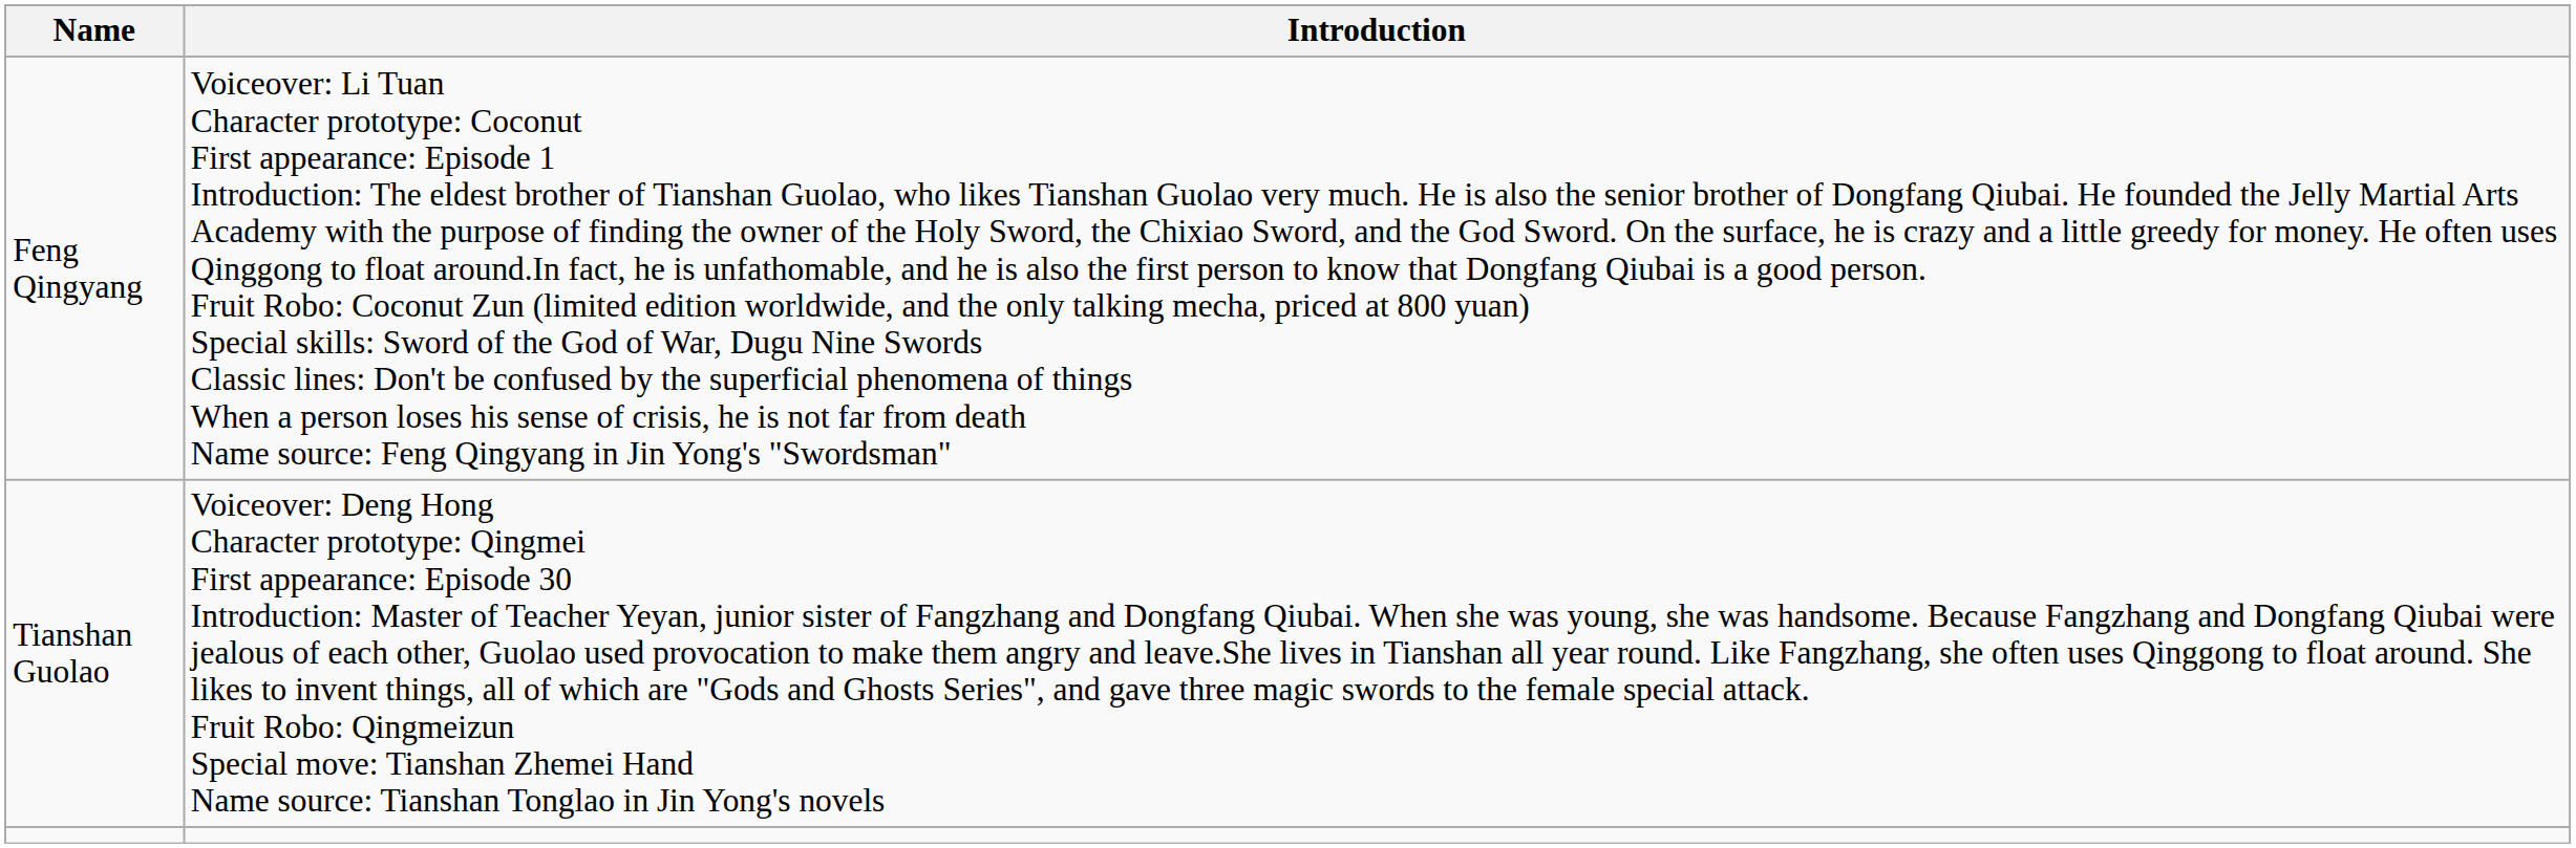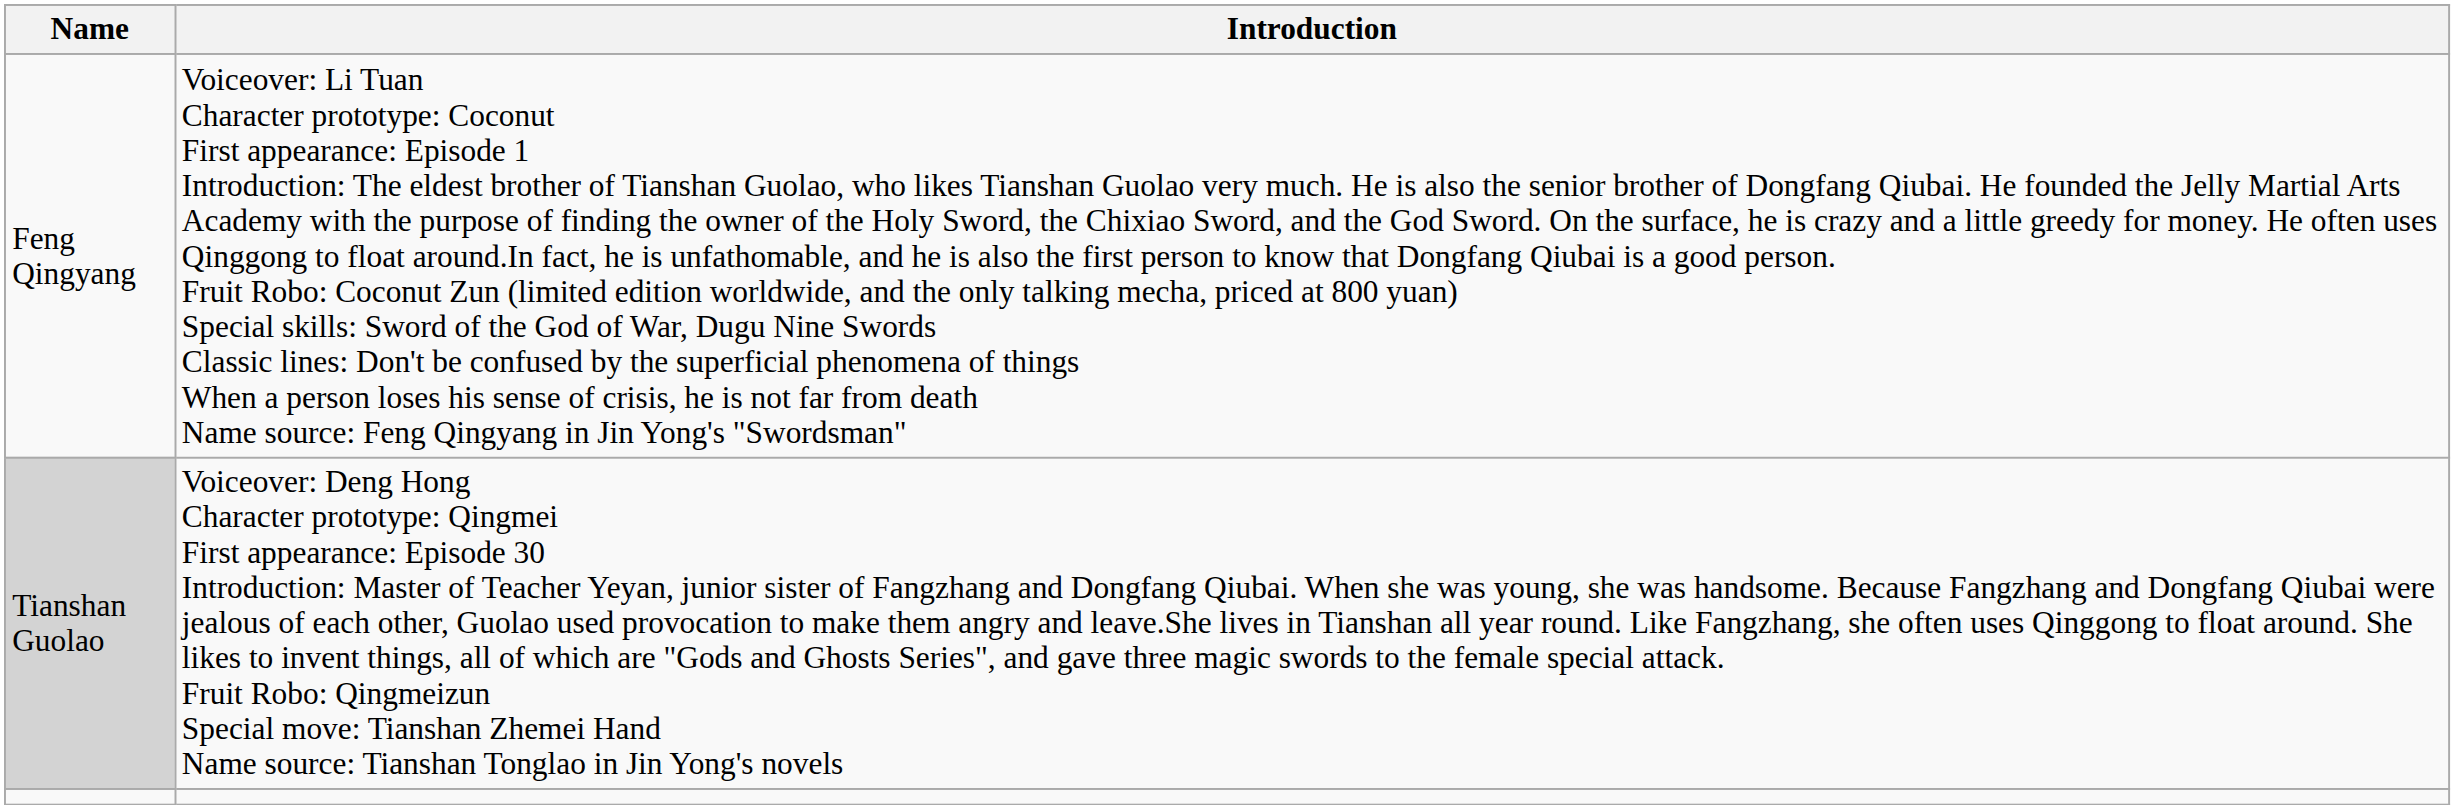 <table class="wikitable">
 <tr>
 <th>Name</th>
 <th>Introduction</th>
 </tr>
 <tr>
 <td>Feng Qingyang</td>
 <td>Voiceover: Li Tuan<br>Character prototype: Coconut<br>First appearance: Episode 1<br>Introduction: The eldest brother of Tianshan Guolao, who likes Tianshan Guolao very much. He is also the senior brother of Dongfang Qiubai. He founded the Jelly Martial Arts Academy with the purpose of finding the owner of the Holy Sword, the Chixiao Sword, and the God Sword. On the surface, he is crazy and a little greedy for money. He often uses Qinggong to float around.In fact, he is unfathomable, and he is also the first person to know that Dongfang Qiubai is a good person.<br>Fruit Robo: Coconut Zun (limited edition worldwide, and the only talking mecha, priced at 800 yuan)<br>Special skills: Sword of the God of War, Dugu Nine Swords<br>Classic lines: Don't be confused by the superficial phenomena of things<br>When a person loses his sense of crisis, he is not far from death<br>Name source: Feng Qingyang in Jin Yong's "Swordsman"</td>
 </tr>
 <tr>
-<td>Tianshan Guolao</td>
+<td style="background: lightgrey;">Tianshan Guolao</td>
 <td>Voiceover: Deng Hong<br>Character prototype: Qingmei<br>First appearance: Episode 30<br>Introduction: Master of Teacher Yeyan, junior sister of Fangzhang and Dongfang Qiubai. When she was young, she was handsome. Because Fangzhang and Dongfang Qiubai were jealous of each other, Guolao used provocation to make them angry and leave.She lives in Tianshan all year round. Like Fangzhang, she often uses Qinggong to float around. She likes to invent things, all of which are "Gods and Ghosts Series", and gave three magic swords to the female special attack.<br>Fruit Robo: Qingmeizun<br>Special move: Tianshan Zhemei Hand<br>Name source: Tianshan Tonglao in Jin Yong's novels</td>
 </tr>
 <tr>
 <td></td>
 <td></td>
 </tr>
 </table>
